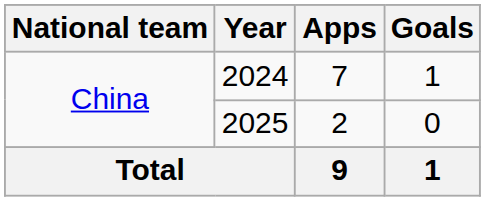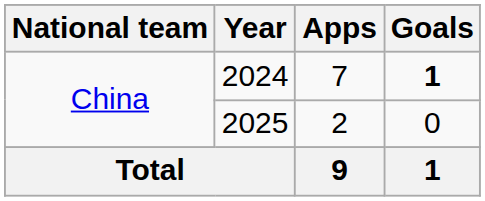 <table class="wikitable" style="text-align:center">
 <tr>
 <th>National team</th>
 <th>Year</th>
 <th>Apps</th>
 <th>Goals</th>
 </tr>
 <tr>
 <td rowspan="2"><a href='#'>China</a></td>
 <td>2024</td>
 <td>7</td>
-<td>1</td>
+<td><strong>1</strong></td>
 </tr>
 <tr>
 <td>2025</td>
 <td>2</td>
 <td>0</td>
 </tr>
 <tr>
 <th colspan="2">Total</th>
 <th>9</th>
 <th>1</th>
 </tr>
 </table>
